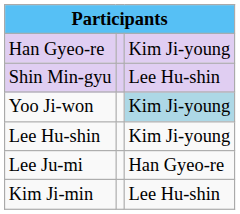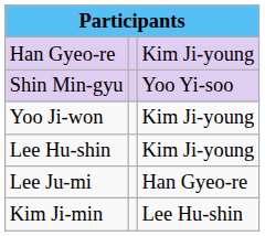 <table class="wikitable sortable" style="line-color:none">
 <tr style="background:#56c0f5; font-weight:bold; text-align:center">
 <td colspan="3">Participants</td>
 </tr>
 <tr style="background:#E0CEF2;">
 <td>Han Gyeo-re</td>
 <td></td>
 <td>Kim Ji-young</td>
 </tr>
 <tr style="background:#E0CEF2;">
 <td>Shin Min-gyu</td>
 <td></td>
-<td>Lee Hu-shin</td>
+<td>Yoo Yi-soo</td>
 </tr>
 <tr>
 <td>Yoo Ji-won</td>
 <td></td>
-<td style="background: lightblue;">Kim Ji-young</td>
+<td>Kim Ji-young</td>
 </tr>
 <tr>
 <td>Lee Hu-shin</td>
 <td></td>
 <td>Kim Ji-young</td>
 </tr>
 <tr>
 <td>Lee Ju-mi</td>
 <td></td>
 <td>Han Gyeo-re</td>
 </tr>
 <tr>
 <td>Kim Ji-min</td>
 <td></td>
 <td>Lee Hu-shin</td>
 </tr>
 </table>
